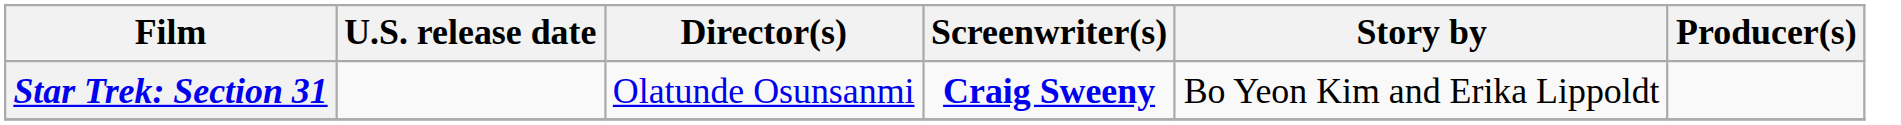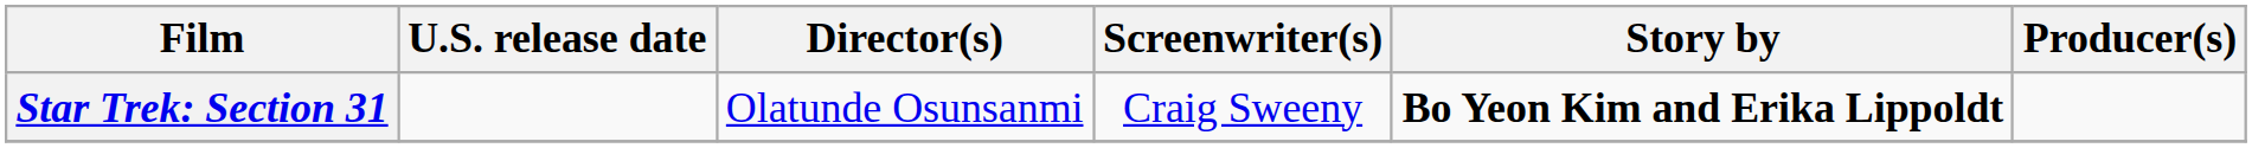 <table class="wikitable plainrowheaders" style="text-align:center;">
 <tr>
 <th>Film</th>
 <th>U.S. release date</th>
 <th>Director(s)</th>
 <th>Screenwriter(s)</th>
 <th>Story by</th>
 <th>Producer(s)<br></th>
 </tr>
 <tr>
 <th scope="row"><em><a href='#'>Star Trek: Section 31</a></em></th>
 <td style="text-align:left;"></td>
 <td><a href='#'>Olatunde Osunsanmi</a></td>
-<td><strong><a href='#'>Craig Sweeny</a></strong></td>
-<td>Bo Yeon Kim and Erika Lippoldt</td>
+<td><a href='#'>Craig Sweeny</a></td>
+<td><strong>Bo Yeon Kim and Erika Lippoldt</strong></td>
 <td><br></td>
 </tr>
 <tr>
 </tr>
 </table>
